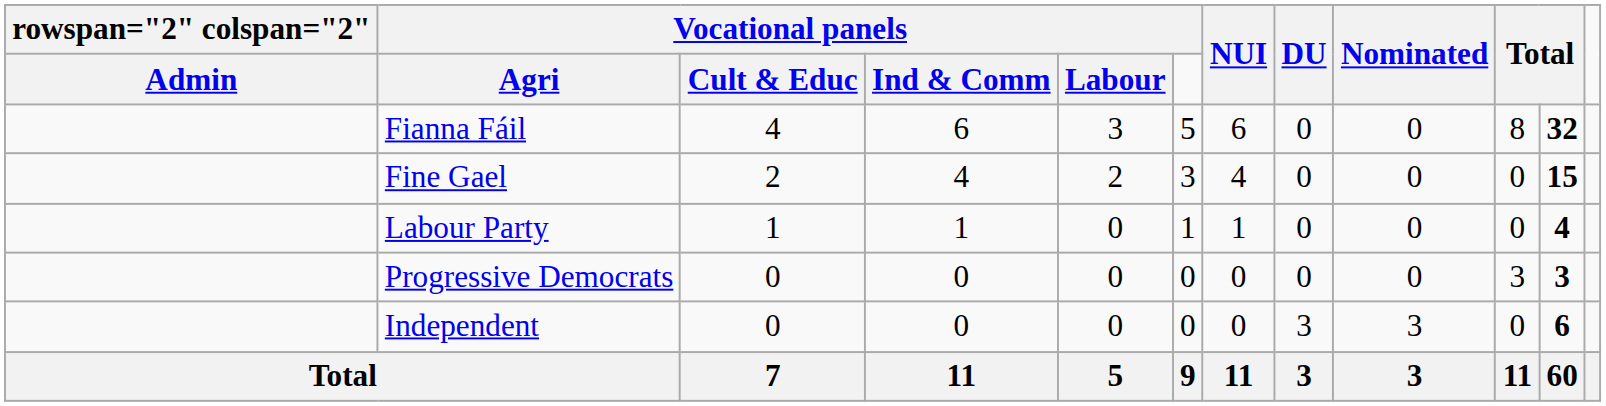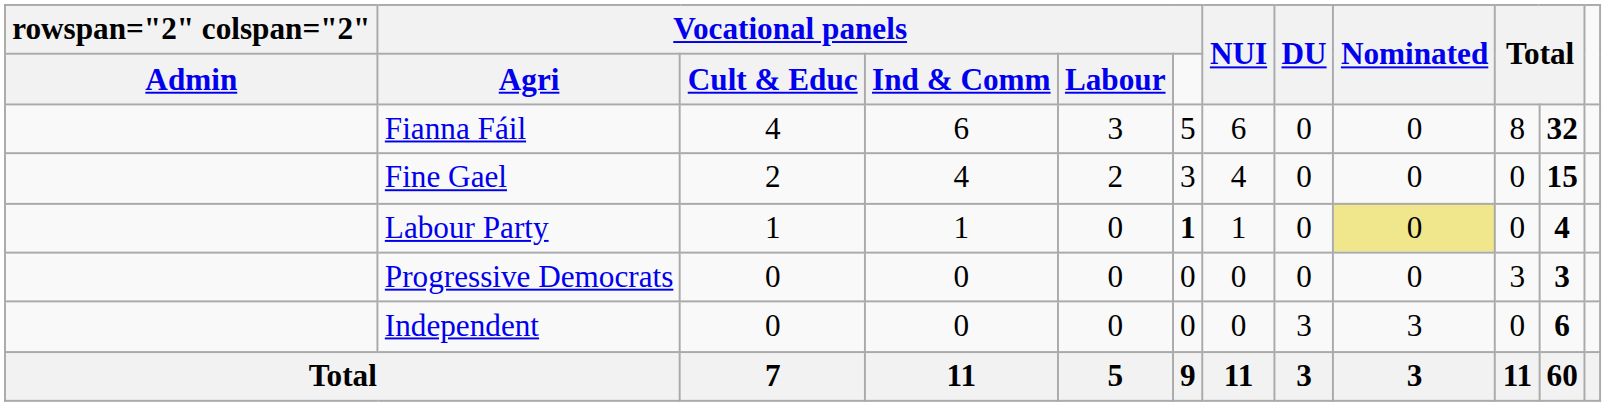 <table class="wikitable">
 <tr>
 <th>rowspan="2" colspan="2" </th>
 <th scope="col" colspan="5"><a href='#'>Vocational panels</a></th>
 <th rowspan="2"><a href='#'>NUI</a></th>
 <th rowspan="2"><a href='#'>DU</a></th>
 <th rowspan="2"><a href='#'>Nominated</a></th>
 <th rowspan="2" colspan="2">Total</th>
 </tr>
 <tr>
 <th scope="col"><a href='#'>Admin</a></th>
 <th scope="col"><a href='#'>Agri</a></th>
 <th scope="col"><a href='#'>Cult & Educ</a></th>
 <th scope="col"><a href='#'>Ind & Comm</a></th>
 <th scope="col"><a href='#'>Labour</a></th>
 </tr>
 <tr style="text-align:center">
 <td style="background-color: "></td>
 <td align="left"><a href='#'>Fianna Fáil</a></td>
 <td>4</td>
 <td>6</td>
 <td>3</td>
 <td>5</td>
 <td>6</td>
 <td>0</td>
 <td>0</td>
 <td>8</td>
 <td><strong>32</strong></td>
 <td style="background-color: "></td>
 </tr>
 <tr style="text-align:center">
 <td style="background-color: "></td>
 <td align="left"><a href='#'>Fine Gael</a></td>
 <td>2</td>
 <td>4</td>
 <td>2</td>
 <td>3</td>
 <td>4</td>
 <td>0</td>
 <td>0</td>
 <td>0</td>
 <td><strong>15</strong></td>
 <td style="background-color: "></td>
 </tr>
 <tr style="text-align:center">
 <td style="background-color: "></td>
 <td align="left"><a href='#'>Labour Party</a></td>
 <td>1</td>
 <td>1</td>
 <td>0</td>
-<td>1</td>
+<td><strong>1</strong></td>
 <td>1</td>
 <td>0</td>
-<td>0</td>
+<td style="background: khaki;">0</td>
 <td>0</td>
 <td><strong>4</strong></td>
 <td style="background-color: "></td>
 </tr>
 <tr style="text-align:center">
 <td style="background-color: "></td>
 <td align="left"><a href='#'>Progressive Democrats</a></td>
 <td>0</td>
 <td>0</td>
 <td>0</td>
 <td>0</td>
 <td>0</td>
 <td>0</td>
 <td>0</td>
 <td>3</td>
 <td><strong>3</strong></td>
 <td style="background-color: "></td>
 </tr>
 <tr style="text-align:center">
 <td style="background-color: "></td>
 <td align="left"><a href='#'>Independent</a></td>
 <td>0</td>
 <td>0</td>
 <td>0</td>
 <td>0</td>
 <td>0</td>
 <td>3</td>
 <td>3</td>
 <td>0</td>
 <td><strong>6</strong></td>
 <td style="background-color: "></td>
 </tr>
 <tr style="text-align:center">
 <th colspan="2">Total</th>
 <th>7</th>
 <th>11</th>
 <th>5</th>
 <th>9</th>
 <th>11</th>
 <th>3</th>
 <th>3</th>
 <th>11</th>
 <th>60</th>
 <th></th>
 </tr>
 </table>
